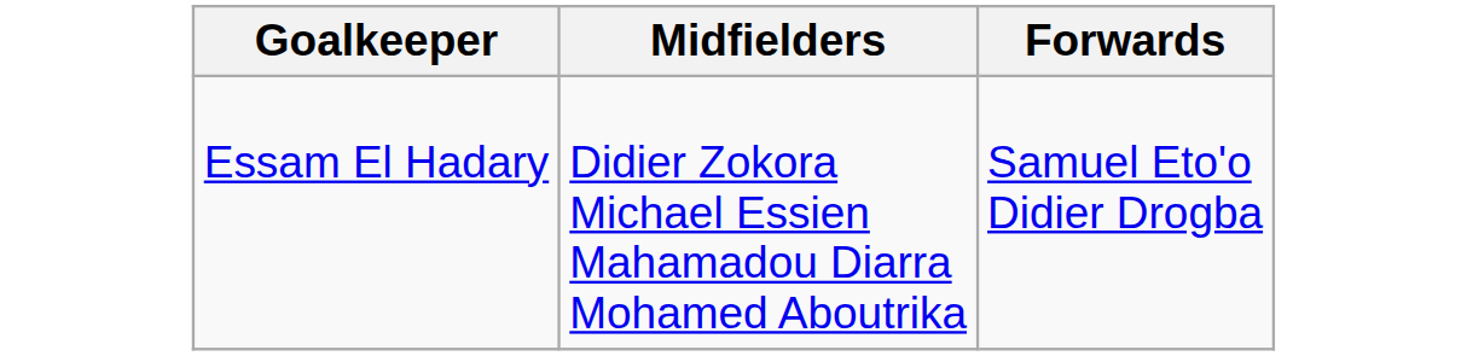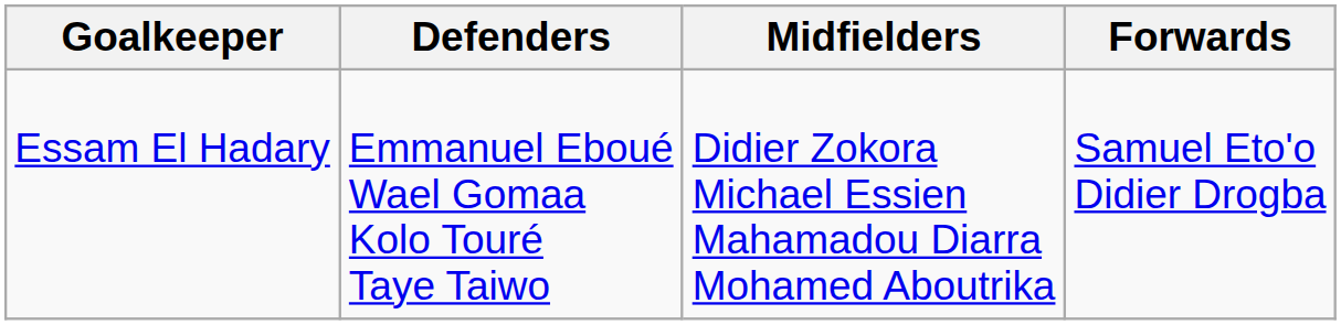 <table class="wikitable" style="margin:0 auto">
 <tr>
 <th>Goalkeeper</th>
+<th>Defenders</th>
 <th>Midfielders</th>
 <th>Forwards</th>
 </tr>
 <tr>
 <td align=left valign=top><br> <a href='#'>Essam El Hadary</a></td>
+<td align=left valign=top><br> <a href='#'>Emmanuel Eboué</a><br>  <a href='#'>Wael Gomaa</a><br>  <a href='#'>Kolo Touré</a><br>  <a href='#'>Taye Taiwo</a></td>
 <td align=left valign=top><br> <a href='#'>Didier Zokora</a><br>  <a href='#'>Michael Essien</a><br>  <a href='#'>Mahamadou Diarra</a><br>  <a href='#'>Mohamed Aboutrika</a></td>
 <td align=left valign=top><br> <a href='#'>Samuel Eto'o</a><br>  <a href='#'>Didier Drogba</a></td>
 </tr>
 </table>
